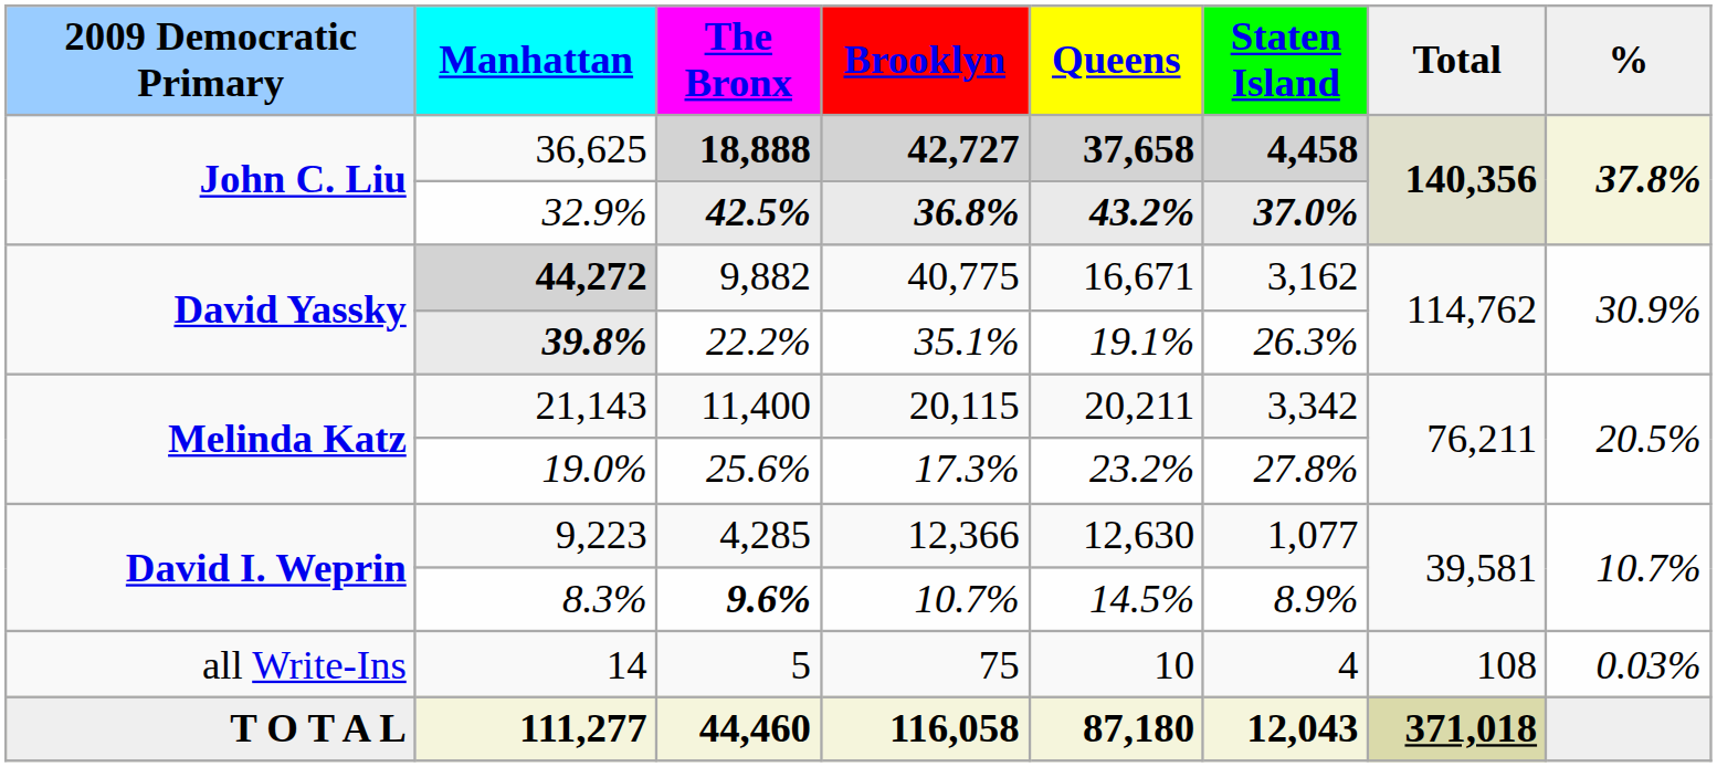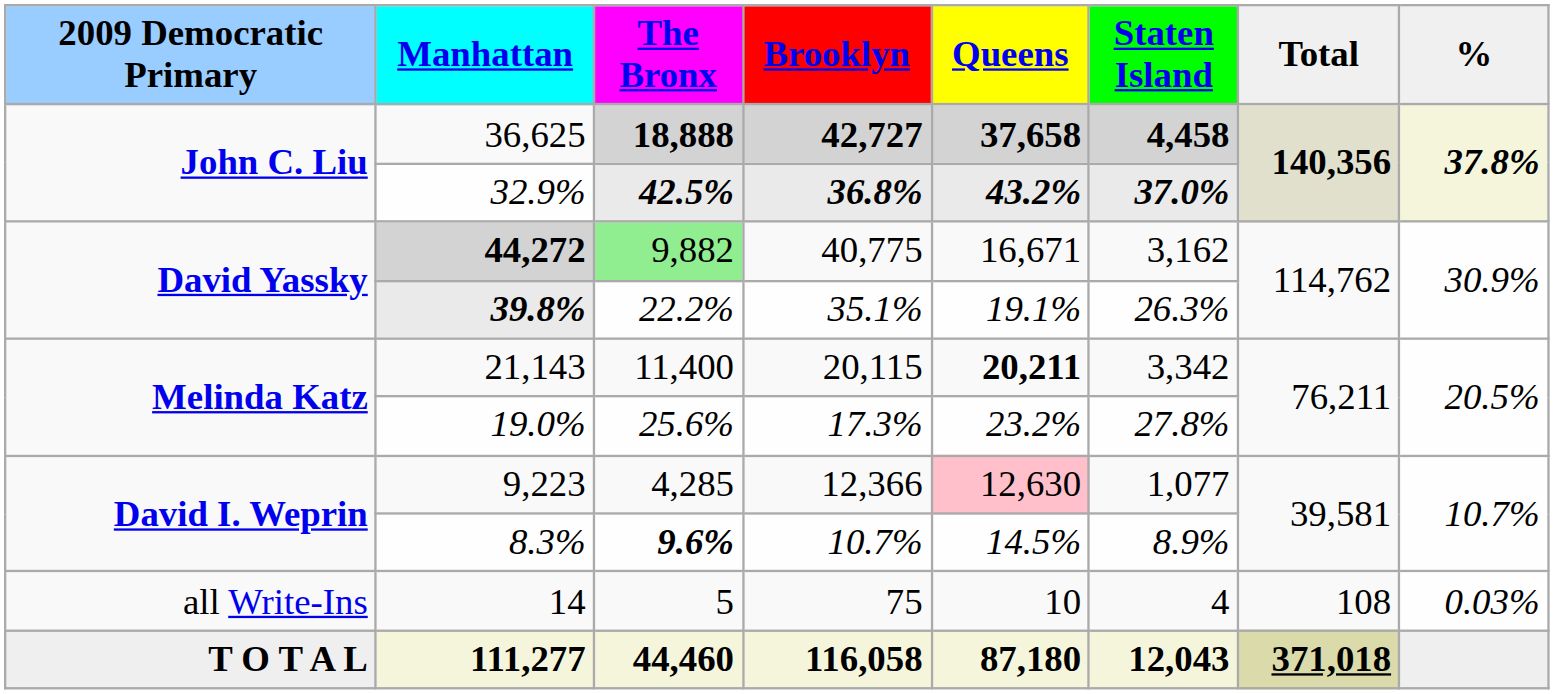 <table class="wikitable" style="text-align:right;" width="76%">
 <tr>
 <td align="center" width="20%" style="background:#99ccff;"><strong>2009 Democratic Primary</strong></td>
 <td align="center" width="8%" style="background:aqua;"><strong><a href='#'>Manhattan</a></strong></td>
 <td align="center" width="8%" style="background:magenta"><strong><a href='#'>The Bronx</a></strong></td>
 <td align="center" width="8%" style="background:red"><strong><a href='#'>Brooklyn</a></strong></td>
 <td align="center" width="8%" style="background:yellow"><strong><a href='#'>Queens</a></strong></td>
 <td align="center" width="8%" style="background:lime"><strong><a href='#'>Staten<br> Island</a></strong></td>
 <td align="center" width="8%" style="background:#f0f0f0;"><strong>Total</strong></td>
 <td align="center" width="8%" style="background:#f0f0f0;"><strong>%</strong></td>
 </tr>
 <tr>
 <td rowspan="2"><strong><a href='#'>John C. Liu</a></strong></td>
 <td>36,625</td>
 <td bgcolor=lightgray><strong>18,888</strong></td>
 <td bgcolor=lightgray><strong>42,727</strong></td>
 <td bgcolor=lightgray><strong>37,658</strong></td>
 <td bgcolor=lightgray><strong>4,458</strong></td>
 <td rowspan="2" bgcolor=e0e0cc><strong>140,356</strong></td>
 <td rowspan="2" bgcolor=beige><strong><em>37.8%</em></strong></td>
 </tr>
 <tr bgcolor=fefefe>
 <td><em>32.9%</em></td>
 <td bgcolor=eaeaea><strong><em>42.5%</em></strong></td>
 <td bgcolor=eaeaea><strong><em>36.8%</em></strong></td>
 <td bgcolor=eaeaea><strong><em>43.2%</em></strong></td>
 <td bgcolor=eaeaea><strong><em>37.0%</em></strong></td>
 </tr>
 <tr>
 <td rowspan="2"><strong><a href='#'>David Yassky</a></strong></td>
 <td bgcolor=lightgray><strong>44,272</strong></td>
-<td>9,882</td>
+<td style="background: lightgreen;">9,882</td>
 <td>40,775</td>
 <td>16,671</td>
 <td>3,162</td>
 <td rowspan="2">114,762</td>
 <td rowspan="2" bgcolor=fefefe><em>30.9%</em></td>
 </tr>
 <tr bgcolor=fefefe>
 <td bgcolor=eaeaea><strong><em>39.8%</em></strong></td>
 <td><em>22.2%</em></td>
 <td><em>35.1%</em></td>
 <td><em>19.1%</em></td>
 <td><em>26.3%</em></td>
 </tr>
 <tr>
 <td rowspan="2"><strong><a href='#'>Melinda Katz</a></strong></td>
 <td>21,143</td>
 <td>11,400</td>
 <td>20,115</td>
-<td>20,211</td>
+<td><strong>20,211</strong></td>
 <td>3,342</td>
 <td rowspan="2">76,211</td>
 <td rowspan="2" bgcolor=fefefe><em>20.5%</em></td>
 </tr>
 <tr bgcolor=fefefe>
 <td><em>19.0%</em></td>
 <td><em>25.6%</em></td>
 <td><em>17.3%</em></td>
 <td><em>23.2%</em></td>
 <td><em>27.8%</em></td>
 </tr>
 <tr>
 <td rowspan="2"><strong><a href='#'>David I. Weprin</a></strong></td>
 <td>9,223</td>
 <td>4,285</td>
 <td>12,366</td>
-<td>12,630</td>
+<td style="background: pink;">12,630</td>
 <td>1,077</td>
 <td rowspan="2">39,581</td>
 <td rowspan="2" bgcolor=fefefe><em>10.7%</em></td>
 </tr>
 <tr bgcolor=fefefe>
 <td><em>8.3%</em></td>
 <td><strong><em>9.6%</em></strong></td>
 <td><em>10.7%</em></td>
 <td><em>14.5%</em></td>
 <td><em>8.9%</em></td>
 </tr>
 <tr>
 <td>all <a href='#'>Write-Ins</a></td>
 <td>14</td>
 <td>5</td>
 <td>75</td>
 <td>10</td>
 <td>4</td>
 <td>108</td>
 <td bgcolor=fefefe><em>0.03%</em></td>
 </tr>
 <tr bgcolor=beige>
 <td bgcolor=efefef><strong>T O T A L</strong></td>
 <td><strong>111,277</strong></td>
 <td><strong>44,460</strong></td>
 <td><strong>116,058</strong></td>
 <td><strong>87,180</strong></td>
 <td><strong>12,043</strong></td>
 <td bgcolor=dadaaa><u><strong>371,018</strong></u></td>
 <td bgcolor=efefef> </td>
 </tr>
 </table>
